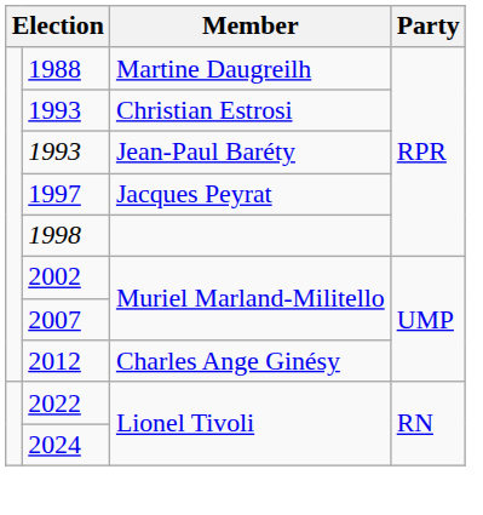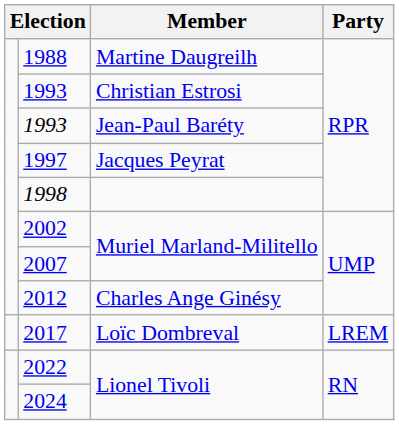 <table class="wikitable">
 <tr>
 <th colspan="2">Election</th>
 <th>Member</th>
 <th>Party</th>
 </tr>
 <tr>
 <td rowspan="8" style="background-color: "></td>
 <td><a href='#'>1988</a></td>
 <td><a href='#'>Martine Daugreilh</a></td>
 <td rowspan="5"><a href='#'>RPR</a></td>
 </tr>
 <tr>
 <td><a href='#'>1993</a></td>
 <td><a href='#'>Christian Estrosi</a></td>
 </tr>
 <tr>
 <td><em>1993</em></td>
 <td><a href='#'>Jean-Paul Baréty</a></td>
 </tr>
 <tr>
 <td><a href='#'>1997</a></td>
 <td><a href='#'>Jacques Peyrat</a></td>
 </tr>
 <tr>
 <td><em>1998</em></td>
 <td></td>
 </tr>
 <tr>
 <td><a href='#'>2002</a></td>
 <td rowspan="2"><a href='#'>Muriel Marland-Militello</a></td>
 <td rowspan="3"><a href='#'>UMP</a></td>
 </tr>
 <tr>
 <td><a href='#'>2007</a></td>
 </tr>
 <tr>
 <td><a href='#'>2012</a></td>
 <td><a href='#'>Charles Ange Ginésy</a></td>
 </tr>
 <tr>
+<td style="color:inherit;background-color: "></td>
+<td><a href='#'>2017</a></td>
+<td><a href='#'>Loïc Dombreval</a></td>
+<td><a href='#'>LREM</a></td>
+</tr>
+<tr>
 <td rowspan="2" style="color:inherit;background-color: "></td>
 <td><a href='#'>2022</a></td>
 <td rowspan="2"><a href='#'>Lionel Tivoli</a></td>
 <td rowspan="2"><a href='#'>RN</a></td>
 </tr>
 <tr>
 <td><a href='#'>2024</a></td>
 </tr>
 </table>
